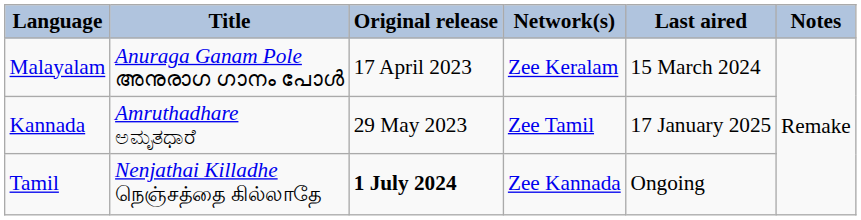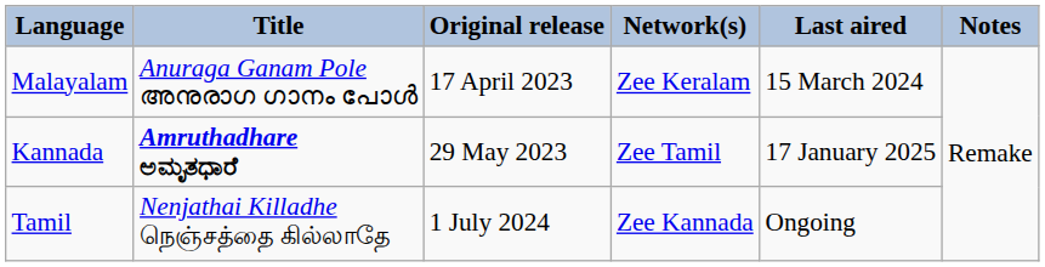 <table class="wikitable" style="text-align:left;">
 <tr>
 <th style="background:LightSteelBlue;">Language</th>
 <th style="background:LightSteelBlue;">Title</th>
 <th style="background:LightSteelBlue;">Original release</th>
 <th style="background:LightSteelBlue;">Network(s)</th>
 <th style="background:LightSteelBlue;">Last aired</th>
 <th style="background:LightSteelBlue;">Notes</th>
 </tr>
 <tr>
 <td><a href='#'>Malayalam</a></td>
 <td><em><a href='#'>Anuraga Ganam Pole</a></em> <br> അനുരാഗ ഗാനം പോൾ</td>
 <td>17 April 2023</td>
 <td><a href='#'>Zee Keralam</a></td>
 <td>15 March 2024</td>
 <td rowspan="3">Remake</td>
 </tr>
 <tr>
 <td><a href='#'>Kannada</a></td>
-<td><em><a href='#'>Amruthadhare</a></em> <br> ಅಮೃತಧಾರೆ</td>
+<td><strong><em><a href='#'>Amruthadhare</a></em> <br> ಅಮೃತಧಾರೆ</strong></td>
 <td>29 May 2023</td>
 <td><a href='#'>Zee Tamil</a></td>
 <td>17 January 2025</td>
 </tr>
 <tr>
 <td><a href='#'>Tamil</a></td>
 <td><em><a href='#'>Nenjathai Killadhe</a></em> <br> நெஞ்சத்தை கில்லாதே</td>
-<td><strong>1 July 2024</strong></td>
+<td>1 July 2024</td>
 <td><a href='#'>Zee Kannada</a></td>
 <td>Ongoing</td>
 </tr>
 </table>
